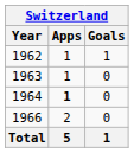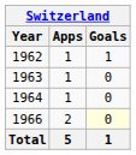 <table class="wikitable" style="text-align:center">
 <tr>
 <th colspan=3><a href='#'>Switzerland</a></th>
 </tr>
 <tr>
 <th>Year</th>
 <th>Apps</th>
 <th>Goals</th>
 </tr>
 <tr>
 <td>1962</td>
 <td>1</td>
 <td>1</td>
 </tr>
 <tr>
 <td>1963</td>
 <td>1</td>
 <td>0</td>
 </tr>
 <tr>
 <td>1964</td>
-<td><strong>1</strong></td>
+<td>1</td>
 <td>0</td>
 </tr>
 <tr>
 <td>1966</td>
 <td>2</td>
-<td>0</td>
+<td style="background: lightyellow;">0</td>
 </tr>
 <tr>
 <th>Total</th>
 <th>5</th>
 <th>1</th>
 </tr>
 </table>
